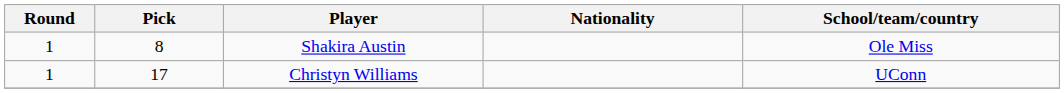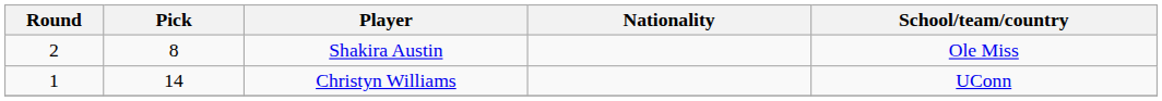 <table class="wikitable" style="text-align:center; width:60em">
 <tr>
 <th width="2%">Round</th>
 <th width="5%">Pick</th>
 <th width="10%">Player</th>
 <th width="10%">Nationality</th>
 <th width="10%">School/team/country</th>
 </tr>
 <tr>
-<td>1</td>
+<td>2</td>
 <td>8</td>
 <td><a href='#'>Shakira Austin</a></td>
 <td></td>
 <td><a href='#'>Ole Miss</a></td>
 </tr>
 <tr>
 <td>1</td>
-<td>17</td>
+<td>14</td>
 <td><a href='#'>Christyn Williams</a></td>
 <td></td>
 <td><a href='#'>UConn</a></td>
 </tr>
 <tr>
 </tr>
 </table>
